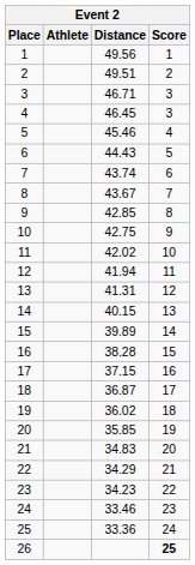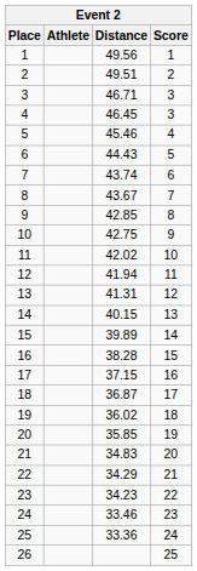 <table class=wikitable style="text-align:center">
 <tr>
 <th colspan=4><strong>Event 2</strong></th>
 </tr>
 <tr>
 <th>Place</th>
 <th>Athlete</th>
 <th>Distance</th>
 <th>Score</th>
 </tr>
 <tr>
 <td>1</td>
 <td align=left></td>
 <td>49.56</td>
 <td>1</td>
 </tr>
 <tr>
 <td>2</td>
 <td align=left></td>
 <td>49.51</td>
 <td>2</td>
 </tr>
 <tr>
 <td>3</td>
 <td align=left></td>
 <td>46.71</td>
 <td>3</td>
 </tr>
 <tr>
 <td>4</td>
 <td align=left></td>
 <td>46.45</td>
 <td>3</td>
 </tr>
 <tr>
 <td>5</td>
 <td align=left></td>
 <td>45.46</td>
 <td>4</td>
 </tr>
 <tr>
 <td>6</td>
 <td align=left></td>
 <td>44.43</td>
 <td>5</td>
 </tr>
 <tr>
 <td>7</td>
 <td align=left></td>
 <td>43.74</td>
 <td>6</td>
 </tr>
 <tr>
 <td>8</td>
 <td align=left></td>
 <td>43.67</td>
 <td>7</td>
 </tr>
 <tr>
 <td>9</td>
 <td align=left></td>
 <td>42.85</td>
 <td>8</td>
 </tr>
 <tr>
 <td>10</td>
 <td align=left></td>
 <td>42.75</td>
 <td>9</td>
 </tr>
 <tr>
 <td>11</td>
 <td align=left></td>
 <td>42.02</td>
 <td>10</td>
 </tr>
 <tr>
 <td>12</td>
 <td align=left></td>
 <td>41.94</td>
 <td>11</td>
 </tr>
 <tr>
 <td>13</td>
 <td align=left></td>
 <td>41.31</td>
 <td>12</td>
 </tr>
 <tr>
 <td>14</td>
 <td align=left></td>
 <td>40.15</td>
 <td>13</td>
 </tr>
 <tr>
 <td>15</td>
 <td align=left></td>
 <td>39.89</td>
 <td>14</td>
 </tr>
 <tr>
 <td>16</td>
 <td align=left></td>
 <td>38.28</td>
 <td>15</td>
 </tr>
 <tr>
 <td>17</td>
 <td align=left></td>
 <td>37.15</td>
 <td>16</td>
 </tr>
 <tr>
 <td>18</td>
 <td align=left></td>
 <td>36.87</td>
 <td>17</td>
 </tr>
 <tr>
 <td>19</td>
 <td align=left></td>
 <td>36.02</td>
 <td>18</td>
 </tr>
 <tr>
 <td>20</td>
 <td align=left></td>
 <td>35.85</td>
 <td>19</td>
 </tr>
 <tr>
 <td>21</td>
 <td align=left></td>
 <td>34.83</td>
 <td>20</td>
 </tr>
 <tr>
 <td>22</td>
 <td align=left></td>
 <td>34.29</td>
 <td>21</td>
 </tr>
 <tr>
 <td>23</td>
 <td align=left></td>
 <td>34.23</td>
 <td>22</td>
 </tr>
 <tr>
 <td>24</td>
 <td align=left></td>
 <td>33.46</td>
 <td>23</td>
 </tr>
 <tr>
 <td>25</td>
 <td align=left></td>
 <td>33.36</td>
 <td>24</td>
 </tr>
 <tr>
 <td>26</td>
 <td align=left></td>
 <td></td>
-<td><strong>25</strong></td>
+<td>25</td>
 </tr>
 </table>
